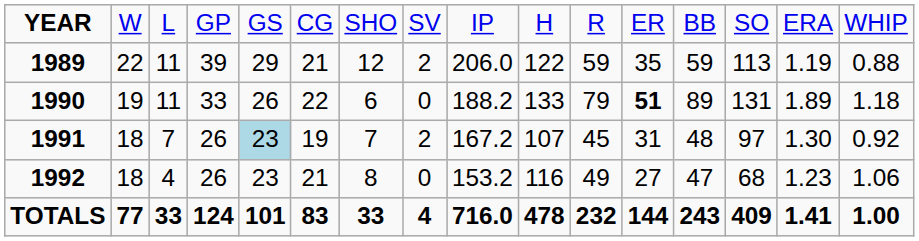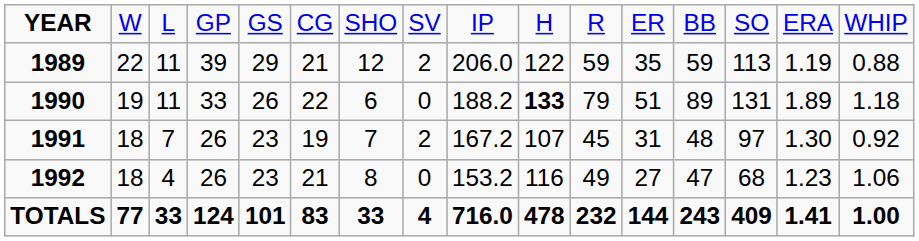 <table class="wikitable">
 <tr align=center>
 <td><strong>YEAR</strong></td>
 <td><a href='#'>W</a></td>
 <td><a href='#'>L</a></td>
 <td><a href='#'>GP</a></td>
 <td><a href='#'>GS</a></td>
 <td><a href='#'>CG</a></td>
 <td><a href='#'>SHO</a></td>
 <td><a href='#'>SV</a></td>
 <td><a href='#'>IP</a></td>
 <td><a href='#'>H</a></td>
 <td><a href='#'>R</a></td>
 <td><a href='#'>ER</a></td>
 <td><a href='#'>BB</a></td>
 <td><a href='#'>SO</a></td>
 <td><a href='#'>ERA</a></td>
 <td><a href='#'>WHIP</a></td>
 </tr>
 <tr align=center>
 <td><strong>1989</strong></td>
 <td>22</td>
 <td>11</td>
 <td>39</td>
 <td>29</td>
 <td>21</td>
 <td>12</td>
 <td>2</td>
 <td>206.0</td>
 <td>122</td>
 <td>59</td>
 <td>35</td>
 <td>59</td>
 <td>113</td>
 <td>1.19</td>
 <td>0.88</td>
 </tr>
 <tr align=center>
 <td><strong>1990</strong></td>
 <td>19</td>
 <td>11</td>
 <td>33</td>
 <td>26</td>
 <td>22</td>
 <td>6</td>
 <td>0</td>
 <td>188.2</td>
-<td>133</td>
+<td><strong>133</strong></td>
 <td>79</td>
-<td><strong>51</strong></td>
+<td>51</td>
 <td>89</td>
 <td>131</td>
 <td>1.89</td>
 <td>1.18</td>
 </tr>
 <tr align=center>
 <td><strong>1991</strong></td>
 <td>18</td>
 <td>7</td>
 <td>26</td>
-<td style="background: lightblue;">23</td>
+<td>23</td>
 <td>19</td>
 <td>7</td>
 <td>2</td>
 <td>167.2</td>
 <td>107</td>
 <td>45</td>
 <td>31</td>
 <td>48</td>
 <td>97</td>
 <td>1.30</td>
 <td>0.92</td>
 </tr>
 <tr align=center>
 <td><strong>1992</strong></td>
 <td>18</td>
 <td>4</td>
 <td>26</td>
 <td>23</td>
 <td>21</td>
 <td>8</td>
 <td>0</td>
 <td>153.2</td>
 <td>116</td>
 <td>49</td>
 <td>27</td>
 <td>47</td>
 <td>68</td>
 <td>1.23</td>
 <td>1.06</td>
 </tr>
 <tr align=center>
 <td><strong>TOTALS</strong></td>
 <td><strong>77</strong></td>
 <td><strong>33</strong></td>
 <td><strong>124</strong></td>
 <td><strong>101</strong></td>
 <td><strong>83</strong></td>
 <td><strong>33</strong></td>
 <td><strong>4</strong></td>
 <td><strong>716.0</strong></td>
 <td><strong>478</strong></td>
 <td><strong>232</strong></td>
 <td><strong>144</strong></td>
 <td><strong>243</strong></td>
 <td><strong>409</strong></td>
 <td><strong>1.41</strong></td>
 <td><strong>1.00</strong></td>
 </tr>
 </table>
